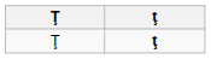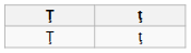 <table align=left cellpadding=3 cellspacing=0 class="wikitable">
 <tr align="center" style="background:#E4E4E4;">
 <th width="100">Ţ</th>
 <th width="100">ţ</th>
 </tr>
 <tr>
 <td align="center">&Tcedil;</td>
-<td align="center"><strong>&tcedil;</strong></td>
+<td align="center">&tcedil;</td>
 </tr>
 </table>
